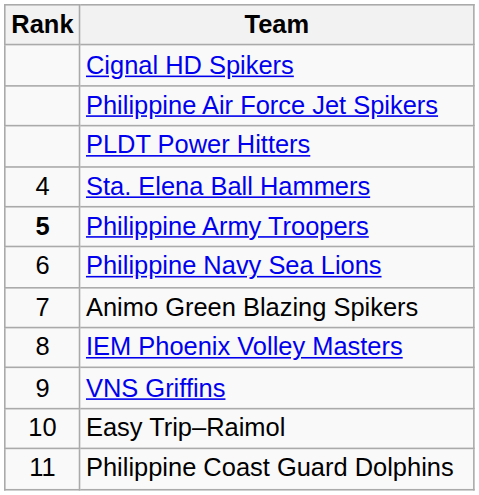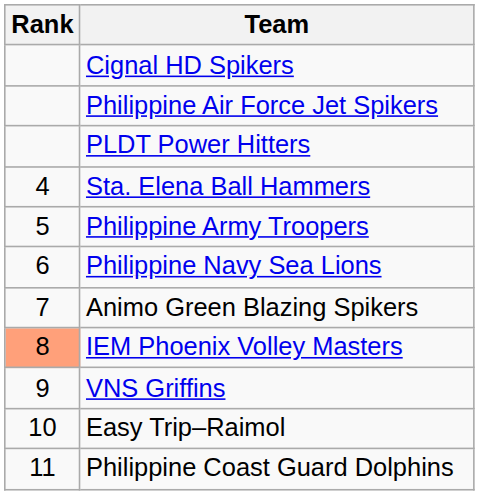 <table class="wikitable" style="text-align: center;">
 <tr>
 <th width=40>Rank</th>
 <th width=240>Team</th>
 </tr>
 <tr>
 <td></td>
 <td align="left"><a href='#'>Cignal HD Spikers</a></td>
 </tr>
 <tr>
 <td></td>
 <td align="left"><a href='#'>Philippine Air Force Jet Spikers</a></td>
 </tr>
 <tr>
 <td></td>
 <td align="left"><a href='#'>PLDT Power Hitters</a></td>
 </tr>
 <tr>
 <td>4</td>
 <td align="left"><a href='#'>Sta. Elena Ball Hammers</a></td>
 </tr>
 <tr>
-<td><strong>5</strong></td>
+<td>5</td>
 <td align="left"><a href='#'>Philippine Army Troopers</a></td>
 </tr>
 <tr>
 <td>6</td>
 <td align="left"><a href='#'>Philippine Navy Sea Lions</a></td>
 </tr>
 <tr>
 <td>7</td>
 <td align="left">Animo Green Blazing Spikers</td>
 </tr>
 <tr>
-<td>8</td>
+<td style="background: lightsalmon;">8</td>
 <td align="left"><a href='#'>IEM Phoenix Volley Masters</a></td>
 </tr>
 <tr>
 <td>9</td>
 <td align="left"><a href='#'>VNS Griffins</a></td>
 </tr>
 <tr>
 <td>10</td>
 <td align="left">Easy Trip–Raimol</td>
 </tr>
 <tr>
 <td>11</td>
 <td align="left">Philippine Coast Guard Dolphins</td>
 </tr>
 </table>
